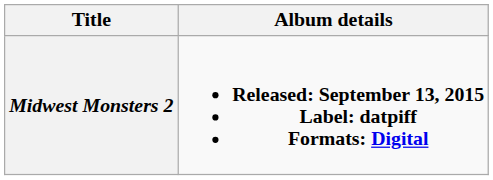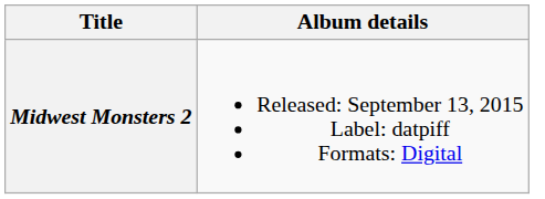 <table class="wikitable plainrowheaders" style="text-align:center;">
 <tr>
 <th scope="col">Title</th>
 <th scope="col">Album details</th>
 </tr>
 <tr>
 <th scope="row"><em>Midwest Monsters 2</em></th>
-<td><strong><br><ul><li>Released: September 13, 2015</li><li>Label: datpiff</li><li>Formats: <a href='#'>Digital</a></li></ul></strong></td>
+<td><br><ul><li>Released: September 13, 2015</li><li>Label: datpiff</li><li>Formats: <a href='#'>Digital</a></li></ul></td>
 </tr>
 </table>
